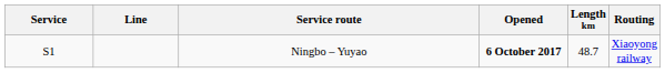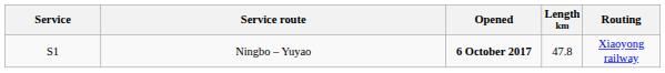 <table class="wikitable sortable" style="cell-padding:1.5; font-size:96%; text-align:center;">
 <tr>
 <th data-sort-type="text"style="width:120px;">Service</th>
-<th data-sort-type="text"style="width:120px;">Line</th>
 <th class="unsortable" style="width:450px; line-height:1.05">Service route</th>
 <th data-sort-type="text"style="width:120px;">Opened</th>
 <th style="line-height:1.05">Length<br><small>km</small></th>
 <th style="line-height:1.05">Routing</th>
 </tr>
 <tr>
 <td>S1</td>
-<td></td>
 <td>Ningbo – Yuyao</td>
 <td><strong>6 October 2017</strong></td>
-<td>48.7</td>
+<td>47.8</td>
 <td><a href='#'>Xiaoyong railway</a></td>
 </tr>
 </table>
